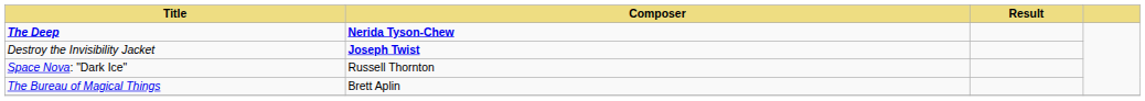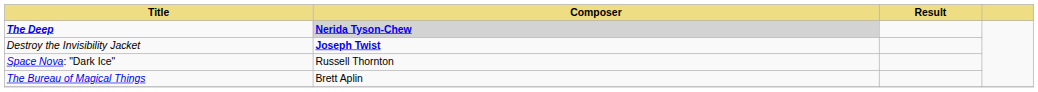 <table class="wikitable" width=100%>
 <tr>
 <th style="width:30%;background:#EEDD82;">Title</th>
 <th style="width:55%;background:#EEDD82;">Composer</th>
 <th style="width:10%;background:#EEDD82;">Result</th>
 <th style="width:5%;background:#EEDD82;"></th>
 </tr>
 <tr>
 <td><strong><em><a href='#'>The Deep</a></em></strong></td>
-<td><strong><a href='#'>Nerida Tyson-Chew</a></strong></td>
+<td style="background: lightgrey;"><strong><a href='#'>Nerida Tyson-Chew</a></strong></td>
 <td></td>
 <td rowspan="4"><br></td>
 </tr>
 <tr>
 <td><em>Destroy the Invisibility Jacket</em></td>
 <td><strong><a href='#'>Joseph Twist</a></strong></td>
 <td></td>
 </tr>
 <tr>
 <td><em><a href='#'>Space Nova</a></em>: "Dark Ice"</td>
 <td>Russell Thornton</td>
 <td></td>
 </tr>
 <tr>
 <td><em><a href='#'>The Bureau of Magical Things</a></em></td>
 <td>Brett Aplin</td>
 <td></td>
 </tr>
 <tr>
 </tr>
 </table>
